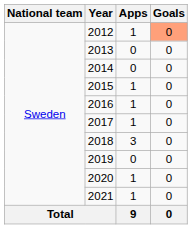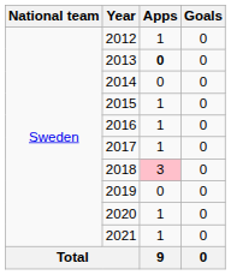 <table class="wikitable" style="text-align:center">
 <tr>
 <th>National team</th>
 <th>Year</th>
 <th>Apps</th>
 <th>Goals</th>
 </tr>
 <tr>
 <td rowspan="10"><a href='#'>Sweden</a></td>
 <td>2012</td>
 <td>1</td>
-<td style="background: lightsalmon;">0</td>
+<td>0</td>
 </tr>
 <tr>
 <td>2013</td>
-<td>0</td>
+<td><strong>0</strong></td>
 <td>0</td>
 </tr>
 <tr>
 <td>2014</td>
 <td>0</td>
 <td>0</td>
 </tr>
 <tr>
 <td>2015</td>
 <td>1</td>
 <td>0</td>
 </tr>
 <tr>
 <td>2016</td>
 <td>1</td>
 <td>0</td>
 </tr>
 <tr>
 <td>2017</td>
 <td>1</td>
 <td>0</td>
 </tr>
 <tr>
 <td>2018</td>
-<td>3</td>
+<td style="background: pink;">3</td>
 <td>0</td>
 </tr>
 <tr>
 <td>2019</td>
 <td>0</td>
 <td>0</td>
 </tr>
 <tr>
 <td>2020</td>
 <td>1</td>
 <td>0</td>
 </tr>
 <tr>
 <td>2021</td>
 <td>1</td>
 <td>0</td>
 </tr>
 <tr>
 <th colspan="2">Total</th>
 <th>9</th>
 <th>0</th>
 </tr>
 </table>
